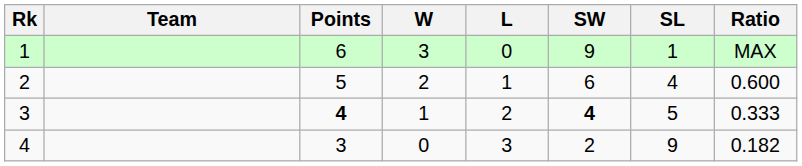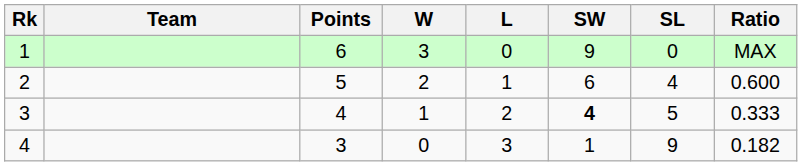 <table class=wikitable style=text-align:center>
 <tr>
 <th width=25>Rk</th>
 <th width=200>Team</th>
 <th width=60>Points</th>
 <th width=60>W</th>
 <th width=60>L</th>
 <th width=60>SW</th>
 <th width=60>SL</th>
 <th width=60>Ratio</th>
 </tr>
 <tr style="background: #ccffcc">
 <td>1</td>
 <td align=left></td>
 <td>6</td>
 <td>3</td>
 <td>0</td>
 <td>9</td>
-<td>1</td>
+<td>0</td>
 <td>MAX</td>
 </tr>
 <tr>
 <td>2</td>
 <td align=left></td>
 <td>5</td>
 <td>2</td>
 <td>1</td>
 <td>6</td>
 <td>4</td>
 <td>0.600</td>
 </tr>
 <tr>
 <td>3</td>
 <td align=left></td>
-<td><strong>4</strong></td>
+<td>4</td>
 <td>1</td>
 <td>2</td>
 <td><strong>4</strong></td>
 <td>5</td>
 <td>0.333</td>
 </tr>
 <tr>
 <td>4</td>
 <td align=left></td>
 <td>3</td>
 <td>0</td>
 <td>3</td>
-<td>2</td>
+<td>1</td>
 <td>9</td>
 <td>0.182</td>
 </tr>
 </table>
